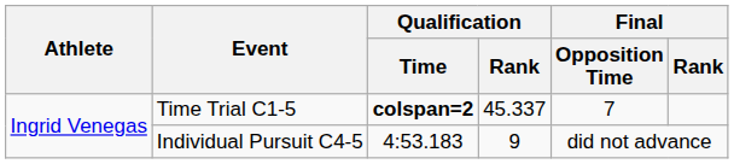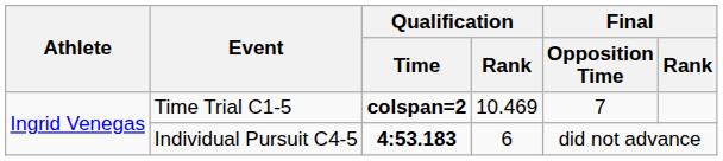 <table class=wikitable style="font-size:90%">
 <tr>
 <th rowspan="2">Athlete</th>
 <th rowspan="2">Event</th>
 <th colspan="2">Qualification</th>
 <th colspan="2">Final</th>
 </tr>
 <tr>
 <th>Time</th>
 <th>Rank</th>
 <th>Opposition<br>Time</th>
 <th>Rank</th>
 </tr>
 <tr align=center>
 <td align=left rowspan=2><a href='#'>Ingrid Venegas</a></td>
 <td align=left>Time Trial C1-5</td>
 <td><strong>colspan=2 </strong></td>
-<td>45.337</td>
+<td>10.469</td>
 <td>7</td>
 </tr>
 <tr align=center>
 <td align=left>Individual Pursuit C4-5</td>
-<td>4:53.183</td>
-<td>9</td>
+<td><strong>4:53.183</strong></td>
+<td>6</td>
 <td colspan="2">did not advance</td>
 </tr>
 </table>
